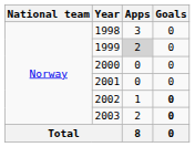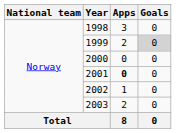 <table class="wikitable" style="text-align:center">
 <tr>
 <th>National team</th>
 <th>Year</th>
 <th>Apps</th>
 <th>Goals</th>
 </tr>
 <tr>
 <td rowspan="6"><a href='#'>Norway</a></td>
 <td>1998</td>
 <td>3</td>
 <td>0</td>
 </tr>
 <tr>
 <td>1999</td>
-<td style="background: lightgrey;">2</td>
-<td>0</td>
+<td>2</td>
+<td style="background: lightgrey;">0</td>
 </tr>
 <tr>
 <td>2000</td>
 <td>0</td>
 <td>0</td>
 </tr>
 <tr>
 <td>2001</td>
-<td>0</td>
+<td><strong>0</strong></td>
 <td>0</td>
 </tr>
 <tr>
 <td>2002</td>
 <td>1</td>
-<td><strong>0</strong></td>
+<td>0</td>
 </tr>
 <tr>
 <td>2003</td>
 <td>2</td>
-<td><strong>0</strong></td>
+<td>0</td>
 </tr>
 <tr>
 <th colspan="2">Total</th>
 <th>8</th>
 <th>0</th>
 </tr>
 </table>
